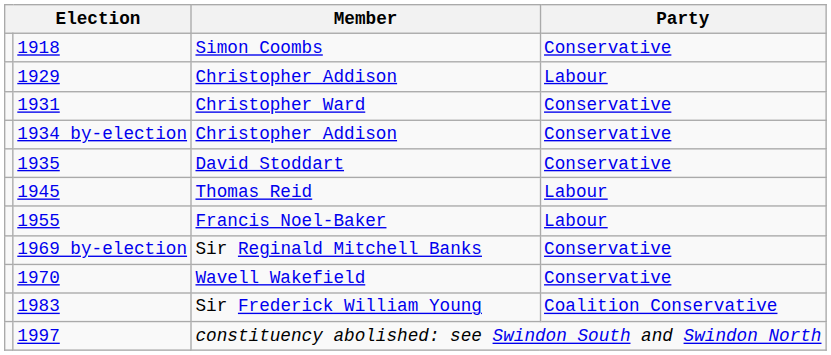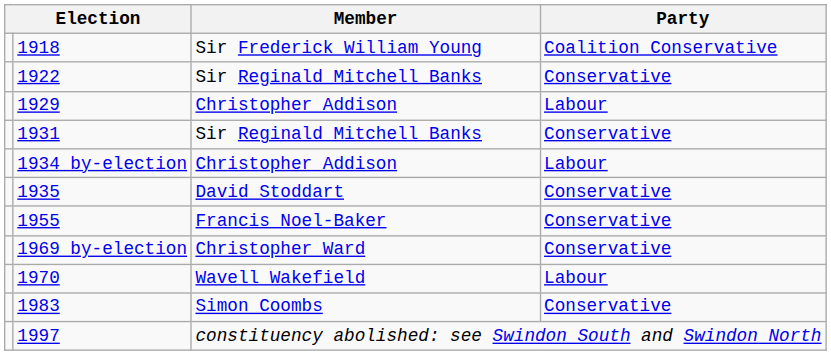 <table class="wikitable">
 <tr>
 <th colspan="2">Election</th>
 <th>Member</th>
 <th>Party</th>
 </tr>
 <tr>
 <td style="color:inherit;background-color: "></td>
 <td><a href='#'>1918</a></td>
-<td><a href='#'>Simon Coombs</a></td>
+<td>Sir <a href='#'>Frederick William Young</a></td>
+<td><a href='#'>Coalition Conservative</a></td>
+</tr>
+<tr>
+<td style="color:inherit;background-color: "></td>
+<td><a href='#'>1922</a></td>
+<td>Sir <a href='#'>Reginald Mitchell Banks</a></td>
 <td><a href='#'>Conservative</a></td>
 </tr>
 <tr>
 <td style="color:inherit;background-color: "></td>
 <td><a href='#'>1929</a></td>
 <td><a href='#'>Christopher Addison</a></td>
 <td><a href='#'>Labour</a></td>
 </tr>
 <tr>
 <td style="color:inherit;background-color: "></td>
 <td><a href='#'>1931</a></td>
-<td><a href='#'>Christopher Ward</a></td>
+<td>Sir <a href='#'>Reginald Mitchell Banks</a></td>
 <td><a href='#'>Conservative</a></td>
 </tr>
 <tr>
 <td style="color:inherit;background-color: "></td>
 <td><a href='#'>1934 by-election</a></td>
 <td><a href='#'>Christopher Addison</a></td>
-<td><a href='#'>Conservative</a></td>
+<td><a href='#'>Labour</a></td>
 </tr>
 <tr>
 <td style="color:inherit;background-color: "></td>
 <td><a href='#'>1935</a></td>
 <td><a href='#'>David Stoddart</a></td>
 <td><a href='#'>Conservative</a></td>
 </tr>
 <tr>
 <td style="color:inherit;background-color: "></td>
-<td><a href='#'>1945</a></td>
-<td><a href='#'>Thomas Reid</a></td>
-<td><a href='#'>Labour</a></td>
-</tr>
-<tr>
-<td style="color:inherit;background-color: "></td>
 <td><a href='#'>1955</a></td>
 <td><a href='#'>Francis Noel-Baker</a></td>
-<td><a href='#'>Labour</a></td>
+<td><a href='#'>Conservative</a></td>
 </tr>
 <tr>
 <td style="color:inherit;background-color: "></td>
 <td><a href='#'>1969 by-election</a></td>
-<td>Sir <a href='#'>Reginald Mitchell Banks</a></td>
+<td><a href='#'>Christopher Ward</a></td>
 <td><a href='#'>Conservative</a></td>
 </tr>
 <tr>
 <td style="color:inherit;background-color: "></td>
 <td><a href='#'>1970</a></td>
 <td><a href='#'>Wavell Wakefield</a></td>
-<td><a href='#'>Conservative</a></td>
+<td><a href='#'>Labour</a></td>
 </tr>
 <tr>
 <td style="color:inherit;background-color: "></td>
 <td><a href='#'>1983</a></td>
-<td>Sir <a href='#'>Frederick William Young</a></td>
-<td><a href='#'>Coalition Conservative</a></td>
+<td><a href='#'>Simon Coombs</a></td>
+<td><a href='#'>Conservative</a></td>
 </tr>
 <tr>
 <td></td>
 <td><a href='#'>1997</a></td>
 <td colspan="2"><em>constituency abolished: see <a href='#'>Swindon South</a> and <a href='#'>Swindon North</a></em></td>
 </tr>
 </table>
